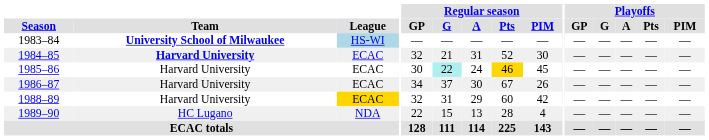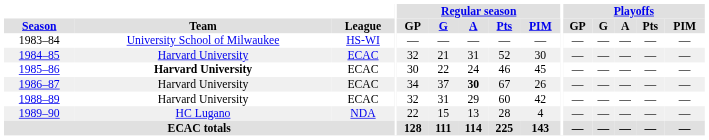 <table border="0" cellpadding="1" cellspacing="0" style="text-align:center; width:60em">
 <tr bgcolor="#e0e0e0">
 <th colspan="3" bgcolor="#ffffff"></th>
 <th rowspan="99" bgcolor="#ffffff"></th>
 <th colspan="5"><a href='#'>Regular season</a></th>
 <th rowspan="99" bgcolor="#ffffff"></th>
 <th colspan="5"><a href='#'>Playoffs</a></th>
 </tr>
 <tr bgcolor="#e0e0e0">
 <th><a href='#'>Season</a></th>
 <th>Team</th>
 <th>League</th>
 <th>GP</th>
 <th><a href='#'>G</a></th>
 <th><a href='#'>A</a></th>
 <th><a href='#'>Pts</a></th>
 <th><a href='#'>PIM</a></th>
 <th>GP</th>
 <th>G</th>
 <th>A</th>
 <th>Pts</th>
 <th>PIM</th>
 </tr>
 <tr>
 <td>1983–84</td>
-<td><strong><a href='#'>University School of Milwaukee</a></strong></td>
-<td style="background: lightblue;"><a href='#'>HS-WI</a></td>
+<td><a href='#'>University School of Milwaukee</a></td>
+<td><a href='#'>HS-WI</a></td>
 <td>—</td>
 <td>—</td>
 <td>—</td>
 <td>—</td>
 <td>—</td>
 <td>—</td>
 <td>—</td>
 <td>—</td>
 <td>—</td>
 <td>—</td>
 </tr>
 <tr bgcolor="#f0f0f0">
 <td><a href='#'>1984–85</a></td>
-<td><strong><a href='#'>Harvard University</a></strong></td>
+<td><a href='#'>Harvard University</a></td>
 <td><a href='#'>ECAC</a></td>
 <td>32</td>
 <td>21</td>
 <td>31</td>
 <td>52</td>
 <td>30</td>
 <td>—</td>
 <td>—</td>
 <td>—</td>
 <td>—</td>
 <td>—</td>
 </tr>
 <tr>
 <td><a href='#'>1985–86</a></td>
-<td>Harvard University</td>
+<td><strong>Harvard University</strong></td>
 <td>ECAC</td>
 <td>30</td>
-<td style="background: paleturquoise;">22</td>
+<td>22</td>
 <td>24</td>
-<td style="background: gold;">46</td>
+<td>46</td>
 <td>45</td>
 <td>—</td>
 <td>—</td>
 <td>—</td>
 <td>—</td>
 <td>—</td>
 </tr>
 <tr bgcolor="#f0f0f0">
 <td><a href='#'>1986–87</a></td>
 <td>Harvard University</td>
 <td>ECAC</td>
 <td>34</td>
 <td>37</td>
-<td>30</td>
+<td><strong>30</strong></td>
 <td>67</td>
 <td>26</td>
 <td>—</td>
 <td>—</td>
 <td>—</td>
 <td>—</td>
 <td>—</td>
 </tr>
 <tr>
 <td><a href='#'>1988–89</a></td>
 <td>Harvard University</td>
-<td style="background: gold;">ECAC</td>
+<td>ECAC</td>
 <td>32</td>
 <td>31</td>
 <td>29</td>
 <td>60</td>
 <td>42</td>
 <td>—</td>
 <td>—</td>
 <td>—</td>
 <td>—</td>
 <td>—</td>
 </tr>
 <tr bgcolor="#f0f0f0">
 <td><a href='#'>1989–90</a></td>
 <td><a href='#'>HC Lugano</a></td>
 <td><a href='#'>NDA</a></td>
 <td>22</td>
 <td>15</td>
 <td>13</td>
 <td>28</td>
 <td>4</td>
 <td>—</td>
 <td>—</td>
 <td>—</td>
 <td>—</td>
 <td>—</td>
 </tr>
 <tr bgcolor="#e0e0e0">
 <th colspan="3">ECAC totals</th>
 <th>128</th>
 <th>111</th>
 <th>114</th>
 <th>225</th>
 <th>143</th>
 <th>—</th>
 <th>—</th>
 <th>—</th>
 <th>—</th>
 <th>—</th>
 </tr>
 </table>
